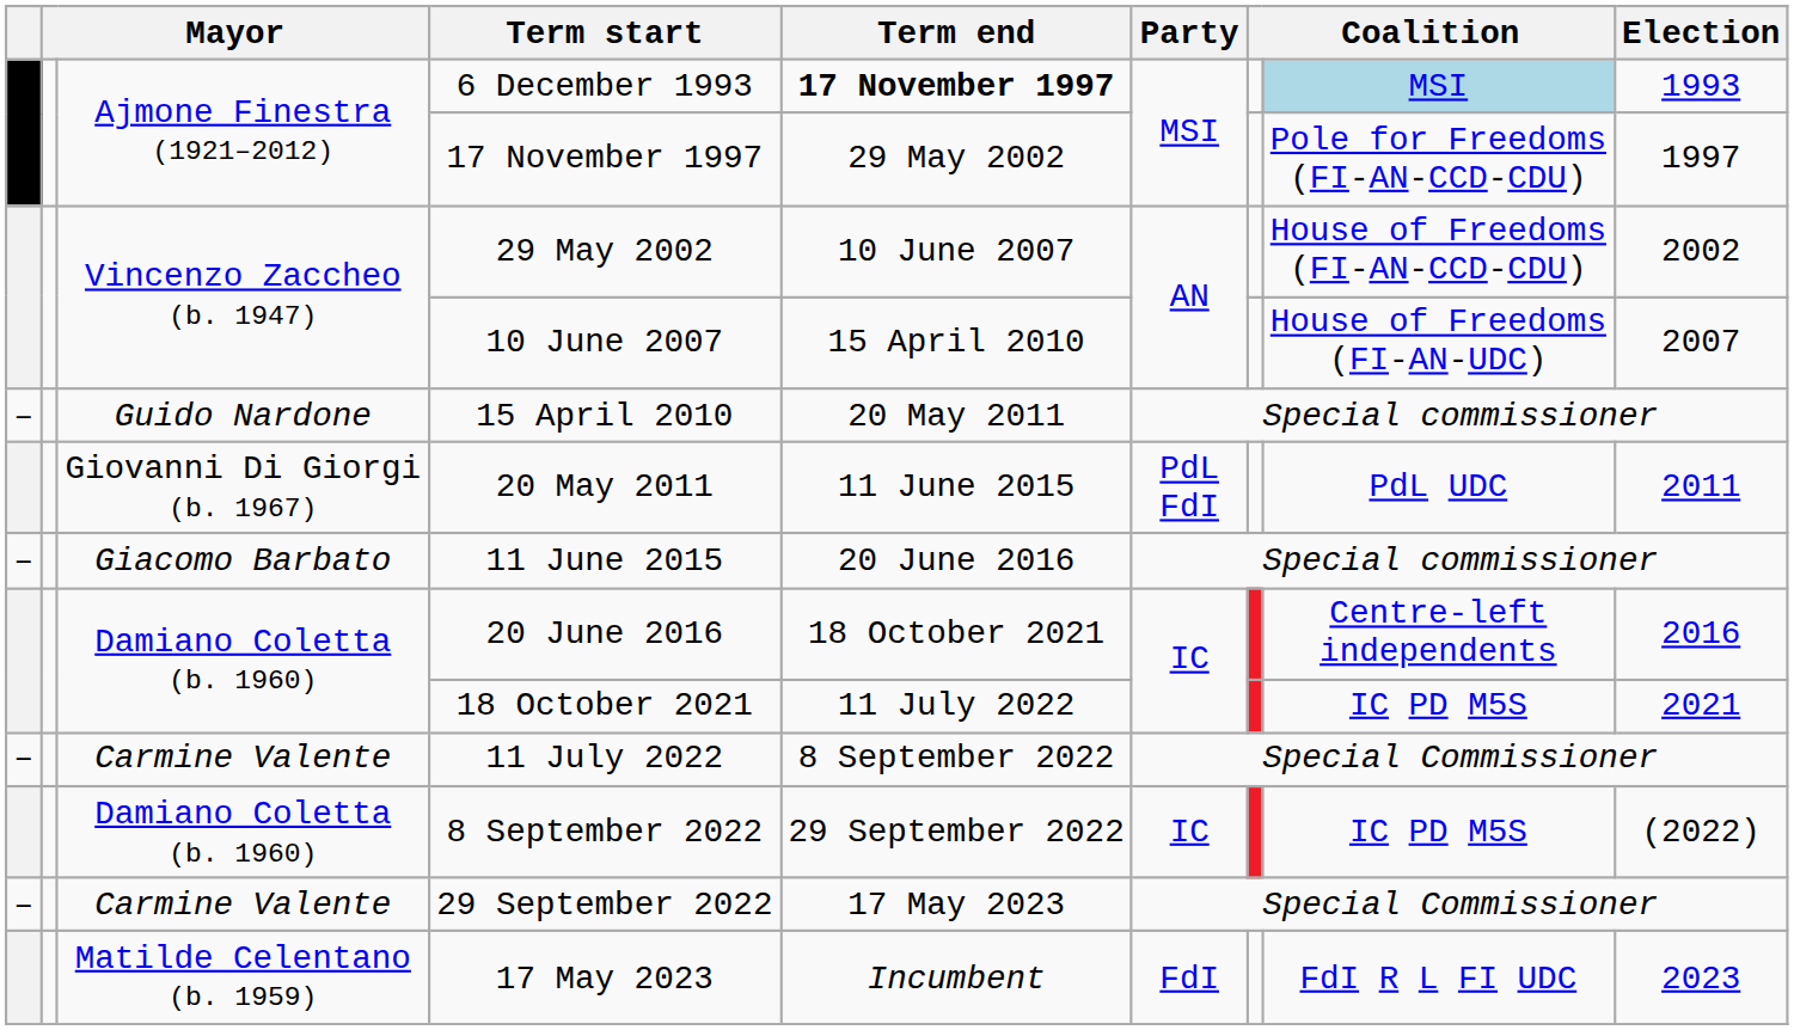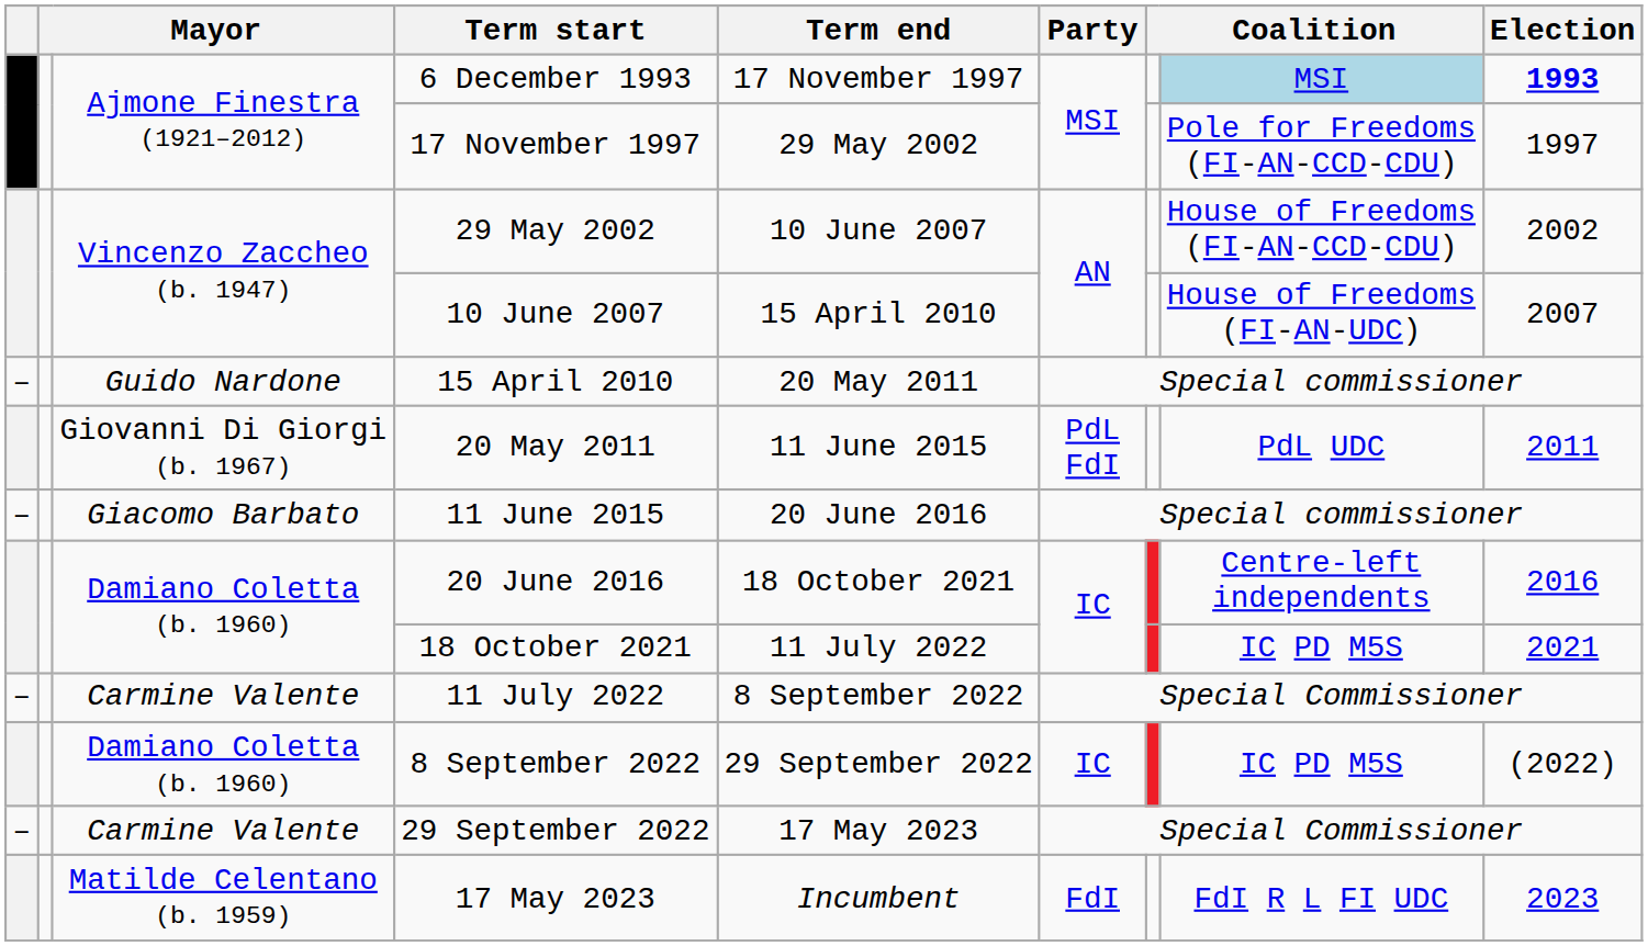 <table class="wikitable" style="text-align: center;">
 <tr>
 <th class=unsortable> </th>
 <th colspan=2>Mayor</th>
 <th>Term start</th>
 <th>Term end</th>
 <th>Party</th>
 <th colspan="2">Coalition</th>
 <th>Election</th>
 </tr>
 <tr>
 <th rowspan=2 style="background:black;"></th>
 <td rowspan=2></td>
 <td rowspan=2><a href='#'>Ajmone Finestra</a> <br><small>(1921–2012)</small></td>
 <td>6 December 1993</td>
-<td><strong>17 November 1997</strong></td>
+<td>17 November 1997</td>
 <td rowspan=2><a href='#'>MSI</a></td>
 <td style="background: "></td>
 <td style="background: lightblue;"><a href='#'>MSI</a></td>
-<td><a href='#'>1993</a></td>
+<td><strong><a href='#'>1993</a></strong></td>
 </tr>
 <tr>
 <td>17 November 1997</td>
 <td>29 May 2002</td>
 <td style="background: "></td>
 <td><a href='#'>Pole for Freedoms</a><br>(<a href='#'>FI</a>-<a href='#'>AN</a>-<a href='#'>CCD</a>-<a href='#'>CDU</a>)</td>
 <td>1997</td>
 </tr>
 <tr>
 <th rowspan=2 style="background:"></th>
 <td rowspan=2></td>
 <td rowspan=2><a href='#'>Vincenzo Zaccheo</a> <br><small>(b. 1947)</small></td>
 <td>29 May 2002</td>
 <td>10 June 2007</td>
 <td rowspan=2><a href='#'>AN</a></td>
 <td style="background:"></td>
 <td><a href='#'>House of Freedoms</a><br>(<a href='#'>FI</a>-<a href='#'>AN</a>-<a href='#'>CCD</a>-<a href='#'>CDU</a>)</td>
 <td>2002</td>
 </tr>
 <tr>
 <td>10 June 2007</td>
 <td>15 April 2010</td>
 <td style="background: "></td>
 <td><a href='#'>House of Freedoms</a><br>(<a href='#'>FI</a>-<a href='#'>AN</a>-<a href='#'>UDC</a>)</td>
 <td>2007</td>
 </tr>
 <tr>
 <td>–</td>
 <td></td>
 <td><em>Guido Nardone</em></td>
 <td>15 April 2010</td>
 <td>20 May 2011</td>
 <td colspan=4><em>Special commissioner</em></td>
 </tr>
 <tr>
 <th style="background:"></th>
 <td></td>
 <td>Giovanni Di Giorgi <br><small>(b. 1967)</small></td>
 <td>20 May 2011</td>
 <td>11 June 2015</td>
 <td><a href='#'>PdL</a><br><a href='#'>FdI</a></td>
 <td style="background:"></td>
 <td><a href='#'>PdL</a>  <a href='#'>UDC</a></td>
 <td><a href='#'>2011</a></td>
 </tr>
 <tr>
 <td>–</td>
 <td></td>
 <td><em>Giacomo Barbato</em></td>
 <td>11 June 2015</td>
 <td>20 June 2016</td>
 <td colspan=4><em>Special commissioner</em></td>
 </tr>
 <tr>
 <th rowspan=2 style="background:"></th>
 <td rowspan=2></td>
 <td rowspan=2><a href='#'>Damiano Coletta</a> <br><small>(b. 1960)</small></td>
 <td>20 June 2016</td>
 <td>18 October 2021</td>
 <td rowspan=2><a href='#'>IC</a></td>
 <td style="background:#EF1C27;"></td>
 <td><a href='#'>Centre-left</a><br><a href='#'>independents</a></td>
 <td><a href='#'>2016</a></td>
 </tr>
 <tr>
 <td>18 October 2021</td>
 <td>11 July 2022</td>
 <td style="background:#EF1C27;"></td>
 <td><a href='#'>IC</a>  <a href='#'>PD</a>  <a href='#'>M5S</a></td>
 <td><a href='#'>2021</a></td>
 </tr>
 <tr>
 <td>–</td>
 <td></td>
 <td><em>Carmine Valente</em></td>
 <td align=center>11 July 2022</td>
 <td align=center>8 September 2022</td>
 <td colspan=4><em>Special Commissioner</em></td>
 </tr>
 <tr>
 <th style="background:"></th>
 <td></td>
 <td><a href='#'>Damiano Coletta</a> <br><small>(b. 1960)</small></td>
 <td>8 September 2022</td>
 <td>29 September 2022</td>
 <td><a href='#'>IC</a></td>
 <td style="background:#EF1C27;"></td>
 <td><a href='#'>IC</a>  <a href='#'>PD</a>  <a href='#'>M5S</a></td>
 <td>(2022)</td>
 </tr>
 <tr>
 <td>–</td>
 <td></td>
 <td><em>Carmine Valente</em></td>
 <td align=center>29 September 2022</td>
 <td align=center>17 May 2023</td>
 <td colspan=4><em>Special Commissioner</em></td>
 </tr>
 <tr>
 <th style="background:"></th>
 <td></td>
 <td><a href='#'>Matilde Celentano</a> <br><small>(b. 1959)</small></td>
 <td>17 May 2023</td>
 <td><em>Incumbent</em></td>
 <td><a href='#'>FdI</a></td>
 <td style="background:"></td>
 <td><a href='#'>FdI</a>  <a href='#'>R</a>  <a href='#'>L</a>  <a href='#'>FI</a>  <a href='#'>UDC</a></td>
 <td><a href='#'>2023</a></td>
 </tr>
 <tr>
 </tr>
 </table>
